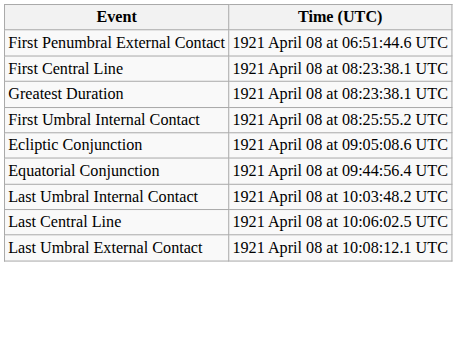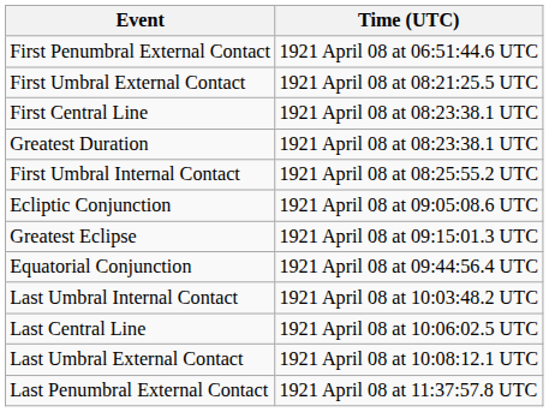 <table class="wikitable">
 <tr>
 <th>Event</th>
 <th>Time (UTC)</th>
 </tr>
 <tr>
 <td>First Penumbral External Contact</td>
 <td>1921 April 08 at 06:51:44.6 UTC</td>
+</tr>
+<tr>
+<td>First Umbral External Contact</td>
+<td>1921 April 08 at 08:21:25.5 UTC</td>
 </tr>
 <tr>
 <td>First Central Line</td>
 <td>1921 April 08 at 08:23:38.1 UTC</td>
 </tr>
 <tr>
 <td>Greatest Duration</td>
 <td>1921 April 08 at 08:23:38.1 UTC</td>
 </tr>
 <tr>
 <td>First Umbral Internal Contact</td>
 <td>1921 April 08 at 08:25:55.2 UTC</td>
 </tr>
 <tr>
 <td>Ecliptic Conjunction</td>
 <td>1921 April 08 at 09:05:08.6 UTC</td>
 </tr>
 <tr>
+<td>Greatest Eclipse</td>
+<td>1921 April 08 at 09:15:01.3 UTC</td>
+</tr>
+<tr>
 <td>Equatorial Conjunction</td>
 <td>1921 April 08 at 09:44:56.4 UTC</td>
 </tr>
 <tr>
 <td>Last Umbral Internal Contact</td>
 <td>1921 April 08 at 10:03:48.2 UTC</td>
 </tr>
 <tr>
 <td>Last Central Line</td>
 <td>1921 April 08 at 10:06:02.5 UTC</td>
 </tr>
 <tr>
 <td>Last Umbral External Contact</td>
 <td>1921 April 08 at 10:08:12.1 UTC</td>
 </tr>
+<tr>
+<td>Last Penumbral External Contact</td>
+<td>1921 April 08 at 11:37:57.8 UTC</td>
+</tr>
 </table>
